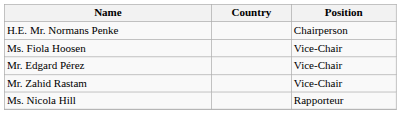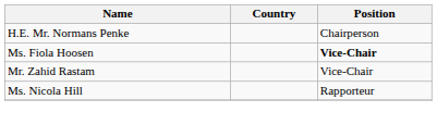 <table class="wikitable" style="display: inline-table; width: 45%;">
 <tr>
 <th>Name</th>
 <th>Country</th>
 <th>Position</th>
 </tr>
 <tr>
 <td>H.E. Mr. Normans Penke</td>
 <td></td>
 <td>Chairperson</td>
 </tr>
 <tr>
 <td>Ms. Fiola Hoosen</td>
 <td></td>
-<td>Vice-Chair</td>
-</tr>
-<tr>
-<td>Mr. Edgard Pérez</td>
-<td></td>
-<td>Vice-Chair</td>
+<td><strong>Vice-Chair</strong></td>
 </tr>
 <tr>
 <td>Mr. Zahid Rastam</td>
 <td></td>
 <td>Vice-Chair</td>
 </tr>
 <tr>
 <td>Ms. Nicola Hill</td>
 <td></td>
 <td>Rapporteur</td>
 </tr>
 <tr>
 </tr>
 </table>
